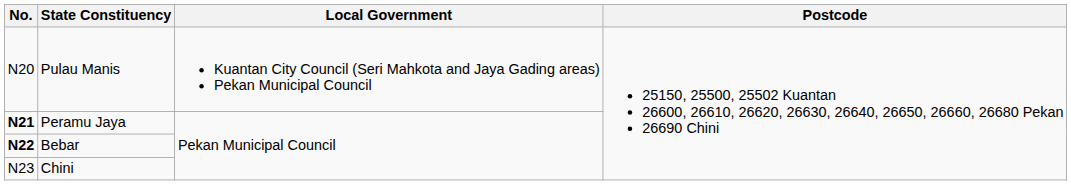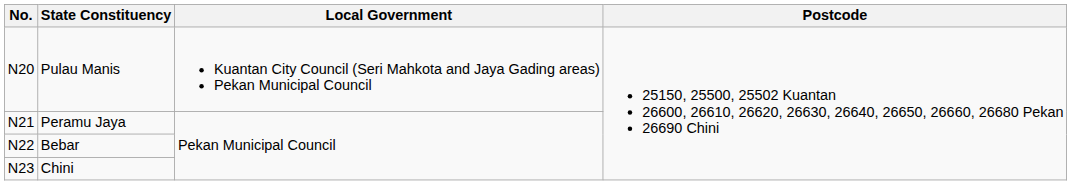 <table class="wikitable">
 <tr>
 <th>No.</th>
 <th>State Constituency</th>
 <th>Local Government</th>
 <th>Postcode</th>
 </tr>
 <tr>
 <td>N20</td>
 <td>Pulau Manis</td>
 <td><br><ul><li>Kuantan City Council (Seri Mahkota and Jaya Gading areas)</li><li>Pekan Municipal Council</li></ul></td>
 <td rowspan="4"><br><ul><li>25150, 25500, 25502 Kuantan</li><li>26600, 26610, 26620, 26630, 26640, 26650, 26660, 26680 Pekan</li><li>26690 Chini</li></ul></td>
 </tr>
 <tr>
-<td><strong>N21</strong></td>
+<td>N21</td>
 <td>Peramu Jaya</td>
 <td rowspan="3">Pekan Municipal Council</td>
 </tr>
 <tr>
-<td><strong>N22</strong></td>
+<td>N22</td>
 <td>Bebar</td>
 </tr>
 <tr>
 <td>N23</td>
 <td>Chini</td>
 </tr>
 </table>
